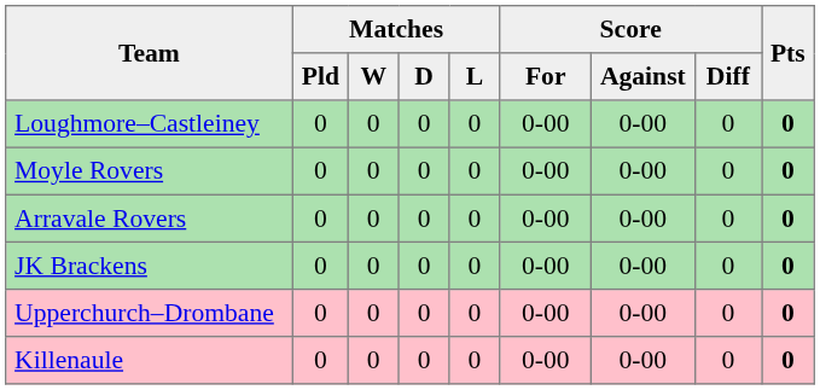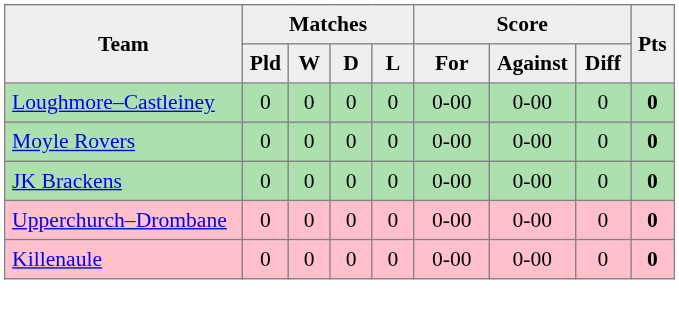 <table style=border-collapse:collapse border=1 cellspacing=0 cellpadding=5>
 <tr align=center bgcolor=#efefef>
 <th rowspan=2 width=165>Team</th>
 <th colspan=4>Matches</th>
 <th colspan=3>Score</th>
 <th rowspan=2width=20>Pts</th>
 </tr>
 <tr align=center bgcolor=#efefef>
 <th width=20>Pld</th>
 <th width=20>W</th>
 <th width=20>D</th>
 <th width=20>L</th>
 <th width=45>For</th>
 <th width=45>Against</th>
 <th width=30>Diff</th>
 </tr>
 <tr align=center style="background:#ACE1AF;">
 <td style="text-align:left;"> <a href='#'>Loughmore–Castleiney</a></td>
 <td>0</td>
 <td>0</td>
 <td>0</td>
 <td>0</td>
 <td>0-00</td>
 <td>0-00</td>
 <td>0</td>
 <td><strong>0</strong></td>
 </tr>
 <tr align=center style="background:#ACE1AF;">
 <td style="text-align:left;"> <a href='#'>Moyle Rovers</a></td>
-<td>0</td>
-<td>0</td>
-<td>0</td>
-<td>0</td>
-<td>0-00</td>
-<td>0-00</td>
-<td>0</td>
-<td><strong>0</strong></td>
-</tr>
-<tr align=center style="background:#ACE1AF;">
-<td style="text-align:left;"> <a href='#'>Arravale Rovers</a></td>
 <td>0</td>
 <td>0</td>
 <td>0</td>
 <td>0</td>
 <td>0-00</td>
 <td>0-00</td>
 <td>0</td>
 <td><strong>0</strong></td>
 </tr>
 <tr align=center style="background:#ACE1AF;">
 <td style="text-align:left;"> <a href='#'>JK Brackens</a></td>
 <td>0</td>
 <td>0</td>
 <td>0</td>
 <td>0</td>
 <td>0-00</td>
 <td>0-00</td>
 <td>0</td>
 <td><strong>0</strong></td>
 </tr>
 <tr align=center style="background:#FFC0CB;">
 <td style="text-align:left;"> <a href='#'>Upperchurch–Drombane</a></td>
 <td>0</td>
 <td>0</td>
 <td>0</td>
 <td>0</td>
 <td>0-00</td>
 <td>0-00</td>
 <td>0</td>
 <td><strong>0</strong></td>
 </tr>
 <tr align=center style="background:#FFC0CB;">
 <td style="text-align:left;"> <a href='#'>Killenaule</a></td>
 <td>0</td>
 <td>0</td>
 <td>0</td>
 <td>0</td>
 <td>0-00</td>
 <td>0-00</td>
 <td>0</td>
 <td><strong>0</strong></td>
 </tr>
 </table>
